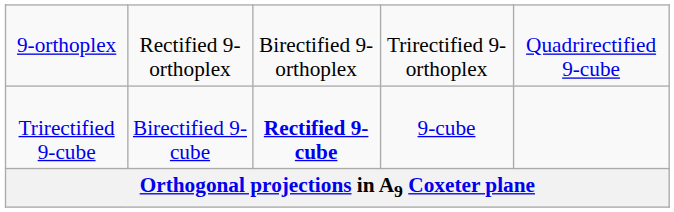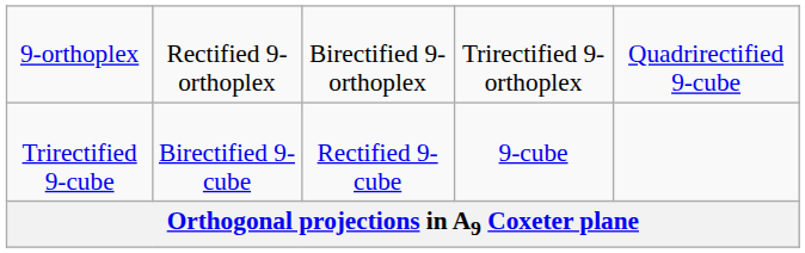 <table class=wikitable align=right width=500 style="margin-left:1em;">
 <tr align=center valign=top>
 <td><br><a href='#'>9-orthoplex</a><br></td>
 <td><br>Rectified 9-orthoplex<br></td>
 <td><br>Birectified 9-orthoplex<br></td>
 <td><br>Trirectified 9-orthoplex<br></td>
 <td><br><a href='#'>Quadrirectified 9-cube</a><br></td>
 </tr>
 <tr align=center valign=top>
 <td><br><a href='#'>Trirectified 9-cube</a><br></td>
 <td><br><a href='#'>Birectified 9-cube</a><br></td>
-<td><strong><br><a href='#'>Rectified 9-cube</a><br></strong></td>
+<td><br><a href='#'>Rectified 9-cube</a><br></td>
 <td><br><a href='#'>9-cube</a><br></td>
 </tr>
 <tr>
 <th colspan=5><a href='#'>Orthogonal projections</a> in A<sub>9</sub> <a href='#'>Coxeter plane</a></th>
 </tr>
 </table>
